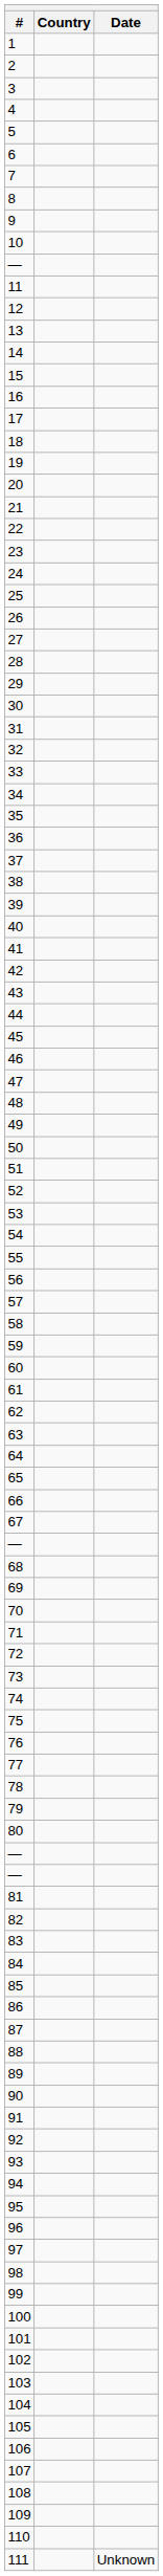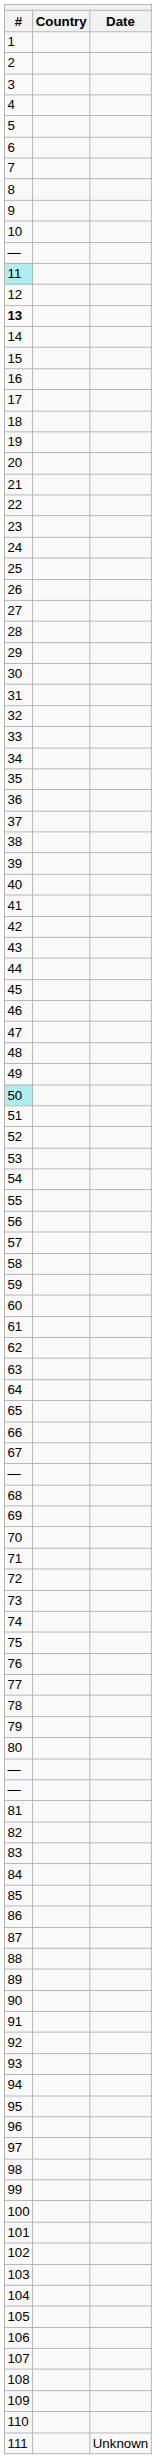 <table class="wikitable sortable">
 <tr>
 <th colspan="3"></th>
 </tr>
 <tr>
 <th>#</th>
 <th>Country</th>
 <th>Date</th>
 </tr>
 <tr>
 <td>1</td>
 <td></td>
 <td></td>
 </tr>
 <tr>
 <td>2</td>
 <td></td>
 <td></td>
 </tr>
 <tr>
 <td>3</td>
 <td></td>
 <td></td>
 </tr>
 <tr>
 <td>4</td>
 <td></td>
 <td></td>
 </tr>
 <tr>
 <td>5</td>
 <td></td>
 <td></td>
 </tr>
 <tr>
 <td>6</td>
 <td></td>
 <td></td>
 </tr>
 <tr>
 <td>7</td>
 <td></td>
 <td></td>
 </tr>
 <tr>
 <td>8</td>
 <td></td>
 <td></td>
 </tr>
 <tr>
 <td>9</td>
 <td></td>
 <td></td>
 </tr>
 <tr>
 <td>10</td>
 <td></td>
 <td></td>
 </tr>
 <tr>
 <td>—</td>
 <td></td>
 <td></td>
 </tr>
 <tr>
-<td>11</td>
+<td style="background: paleturquoise;">11</td>
 <td></td>
 <td></td>
 </tr>
 <tr>
 <td>12</td>
 <td></td>
 <td></td>
 </tr>
 <tr>
-<td>13</td>
+<td><strong>13</strong></td>
 <td></td>
 <td></td>
 </tr>
 <tr>
 <td>14</td>
 <td></td>
 <td></td>
 </tr>
 <tr>
 <td>15</td>
 <td></td>
 <td></td>
 </tr>
 <tr>
 <td>16</td>
 <td></td>
 <td></td>
 </tr>
 <tr>
 <td>17</td>
 <td></td>
 <td></td>
 </tr>
 <tr>
 <td>18</td>
 <td></td>
 <td></td>
 </tr>
 <tr>
 <td>19</td>
 <td></td>
 <td></td>
 </tr>
 <tr>
 <td>20</td>
 <td></td>
 <td></td>
 </tr>
 <tr>
 <td>21</td>
 <td></td>
 <td></td>
 </tr>
 <tr>
 <td>22</td>
 <td></td>
 <td></td>
 </tr>
 <tr>
 <td>23</td>
 <td></td>
 <td></td>
 </tr>
 <tr>
 <td>24</td>
 <td></td>
 <td></td>
 </tr>
 <tr>
 <td>25</td>
 <td></td>
 <td></td>
 </tr>
 <tr>
 <td>26</td>
 <td></td>
 <td></td>
 </tr>
 <tr>
 <td>27</td>
 <td></td>
 <td></td>
 </tr>
 <tr>
 <td>28</td>
 <td></td>
 <td></td>
 </tr>
 <tr>
 <td>29</td>
 <td></td>
 <td></td>
 </tr>
 <tr>
 <td>30</td>
 <td></td>
 <td></td>
 </tr>
 <tr>
 <td>31</td>
 <td></td>
 <td></td>
 </tr>
 <tr>
 <td>32</td>
 <td></td>
 <td></td>
 </tr>
 <tr>
 <td>33</td>
 <td></td>
 <td></td>
 </tr>
 <tr>
 <td>34</td>
 <td></td>
 <td></td>
 </tr>
 <tr>
 <td>35</td>
 <td></td>
 <td></td>
 </tr>
 <tr>
 <td>36</td>
 <td></td>
 <td></td>
 </tr>
 <tr>
 <td>37</td>
 <td></td>
 <td></td>
 </tr>
 <tr>
 <td>38</td>
 <td></td>
 <td></td>
 </tr>
 <tr>
 <td>39</td>
 <td></td>
 <td></td>
 </tr>
 <tr>
 <td>40</td>
 <td></td>
 <td></td>
 </tr>
 <tr>
 <td>41</td>
 <td></td>
 <td></td>
 </tr>
 <tr>
 <td>42</td>
 <td></td>
 <td></td>
 </tr>
 <tr>
 <td>43</td>
 <td></td>
 <td></td>
 </tr>
 <tr>
 <td>44</td>
 <td></td>
 <td></td>
 </tr>
 <tr>
 <td>45</td>
 <td></td>
 <td></td>
 </tr>
 <tr>
 <td>46</td>
 <td></td>
 <td></td>
 </tr>
 <tr>
 <td>47</td>
 <td></td>
 <td></td>
 </tr>
 <tr>
 <td>48</td>
 <td></td>
 <td></td>
 </tr>
 <tr>
 <td>49</td>
 <td></td>
 <td></td>
 </tr>
 <tr>
-<td>50</td>
+<td style="background: paleturquoise;">50</td>
 <td></td>
 <td></td>
 </tr>
 <tr>
 <td>51</td>
 <td></td>
 <td></td>
 </tr>
 <tr>
 <td>52</td>
 <td></td>
 <td></td>
 </tr>
 <tr>
 <td>53</td>
 <td></td>
 <td></td>
 </tr>
 <tr>
 <td>54</td>
 <td></td>
 <td></td>
 </tr>
 <tr>
 <td>55</td>
 <td></td>
 <td></td>
 </tr>
 <tr>
 <td>56</td>
 <td></td>
 <td></td>
 </tr>
 <tr>
 <td>57</td>
 <td></td>
 <td></td>
 </tr>
 <tr>
 <td>58</td>
 <td></td>
 <td></td>
 </tr>
 <tr>
 <td>59</td>
 <td></td>
 <td></td>
 </tr>
 <tr>
 <td>60</td>
 <td></td>
 <td></td>
 </tr>
 <tr>
 <td>61</td>
 <td></td>
 <td></td>
 </tr>
 <tr>
 <td>62</td>
 <td></td>
 <td></td>
 </tr>
 <tr>
 <td>63</td>
 <td></td>
 <td></td>
 </tr>
 <tr>
 <td>64</td>
 <td></td>
 <td></td>
 </tr>
 <tr>
 <td>65</td>
 <td></td>
 <td></td>
 </tr>
 <tr>
 <td>66</td>
 <td></td>
 <td></td>
 </tr>
 <tr>
 <td>67</td>
 <td></td>
 <td></td>
 </tr>
 <tr>
 <td>—</td>
 <td></td>
 <td></td>
 </tr>
 <tr>
 <td>68</td>
 <td></td>
 <td></td>
 </tr>
 <tr>
 <td>69</td>
 <td></td>
 <td></td>
 </tr>
 <tr>
 <td>70</td>
 <td></td>
 <td></td>
 </tr>
 <tr>
 <td>71</td>
 <td></td>
 <td></td>
 </tr>
 <tr>
 <td>72</td>
 <td></td>
 <td></td>
 </tr>
 <tr>
 <td>73</td>
 <td></td>
 <td></td>
 </tr>
 <tr>
 <td>74</td>
 <td></td>
 <td></td>
 </tr>
 <tr>
 <td>75</td>
 <td></td>
 <td></td>
 </tr>
 <tr>
 <td>76</td>
 <td></td>
 <td></td>
 </tr>
 <tr>
 <td>77</td>
 <td></td>
 <td></td>
 </tr>
 <tr>
 <td>78</td>
 <td></td>
 <td></td>
 </tr>
 <tr>
 <td>79</td>
 <td></td>
 <td></td>
 </tr>
 <tr>
 <td>80</td>
 <td></td>
 <td></td>
 </tr>
 <tr>
 <td>—</td>
 <td></td>
 <td></td>
 </tr>
 <tr>
 <td>—</td>
 <td></td>
 <td></td>
 </tr>
 <tr>
 <td>81</td>
 <td></td>
 <td></td>
 </tr>
 <tr>
 <td>82</td>
 <td></td>
 <td></td>
 </tr>
 <tr>
 <td>83</td>
 <td></td>
 <td></td>
 </tr>
 <tr>
 <td>84</td>
 <td></td>
 <td></td>
 </tr>
 <tr>
 <td>85</td>
 <td></td>
 <td></td>
 </tr>
 <tr>
 <td>86</td>
 <td></td>
 <td></td>
 </tr>
 <tr>
 <td>87</td>
 <td></td>
 <td></td>
 </tr>
 <tr>
 <td>88</td>
 <td></td>
 <td></td>
 </tr>
 <tr>
 <td>89</td>
 <td></td>
 <td></td>
 </tr>
 <tr>
 <td>90</td>
 <td></td>
 <td></td>
 </tr>
 <tr>
 <td>91</td>
 <td></td>
 <td></td>
 </tr>
 <tr>
 <td>92</td>
 <td></td>
 <td></td>
 </tr>
 <tr>
 <td>93</td>
 <td></td>
 <td></td>
 </tr>
 <tr>
 <td>94</td>
 <td></td>
 <td></td>
 </tr>
 <tr>
 <td>95</td>
 <td></td>
 <td></td>
 </tr>
 <tr>
 <td>96</td>
 <td></td>
 <td></td>
 </tr>
 <tr>
 <td>97</td>
 <td></td>
 <td></td>
 </tr>
 <tr>
 <td>98</td>
 <td></td>
 <td></td>
 </tr>
 <tr>
 <td>99</td>
 <td></td>
 <td></td>
 </tr>
 <tr>
 <td>100</td>
 <td></td>
 <td></td>
 </tr>
 <tr>
 <td>101</td>
 <td></td>
 <td></td>
 </tr>
 <tr>
 <td>102</td>
 <td></td>
 <td></td>
 </tr>
 <tr>
 <td>103</td>
 <td></td>
 <td></td>
 </tr>
 <tr>
 <td>104</td>
 <td></td>
 <td></td>
 </tr>
 <tr>
 <td>105</td>
 <td></td>
 <td></td>
 </tr>
 <tr>
 <td>106</td>
 <td></td>
 <td></td>
 </tr>
 <tr>
 <td>107</td>
 <td></td>
 <td></td>
 </tr>
 <tr>
 <td>108</td>
 <td></td>
 <td></td>
 </tr>
 <tr>
 <td>109</td>
 <td></td>
 <td></td>
 </tr>
 <tr>
 <td>110</td>
 <td></td>
 <td></td>
 </tr>
 <tr>
 <td>111</td>
 <td></td>
 <td>Unknown</td>
 </tr>
 </table>
